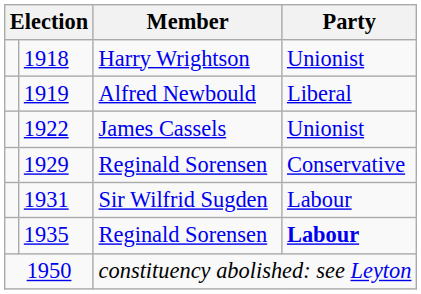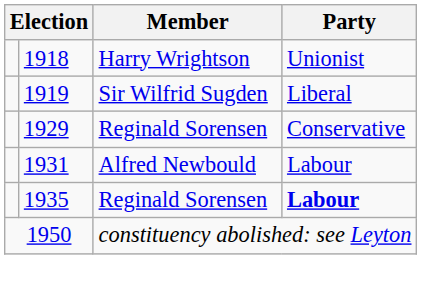 <table class="wikitable">
 <tr>
 <th colspan="2">Election</th>
 <th>Member</th>
 <th>Party</th>
 </tr>
 <tr>
 <td style="color:inherit;background-color: "></td>
 <td><a href='#'>1918</a></td>
 <td><a href='#'>Harry Wrightson</a></td>
 <td><a href='#'>Unionist</a></td>
 </tr>
 <tr>
 <td style="color:inherit;background-color: "></td>
 <td><a href='#'>1919</a></td>
-<td><a href='#'>Alfred Newbould</a></td>
+<td><a href='#'>Sir Wilfrid Sugden</a></td>
 <td><a href='#'>Liberal</a></td>
-</tr>
-<tr>
-<td style="color:inherit;background-color: "></td>
-<td><a href='#'>1922</a></td>
-<td><a href='#'>James Cassels</a></td>
-<td><a href='#'>Unionist</a></td>
 </tr>
 <tr>
 <td style="color:inherit;background-color: "></td>
 <td><a href='#'>1929</a></td>
 <td><a href='#'>Reginald Sorensen</a></td>
 <td><a href='#'>Conservative</a></td>
 </tr>
 <tr>
 <td style="color:inherit;background-color: "></td>
 <td><a href='#'>1931</a></td>
-<td><a href='#'>Sir Wilfrid Sugden</a></td>
+<td><a href='#'>Alfred Newbould</a></td>
 <td><a href='#'>Labour</a></td>
 </tr>
 <tr>
 <td style="color:inherit;background-color: "></td>
 <td><a href='#'>1935</a></td>
 <td><a href='#'>Reginald Sorensen</a></td>
 <td><strong><a href='#'>Labour</a></strong></td>
 </tr>
 <tr>
 <td colspan="2" align="center"><a href='#'>1950</a></td>
 <td colspan="2"><em>constituency abolished: see <a href='#'>Leyton</a></em></td>
 </tr>
 </table>
